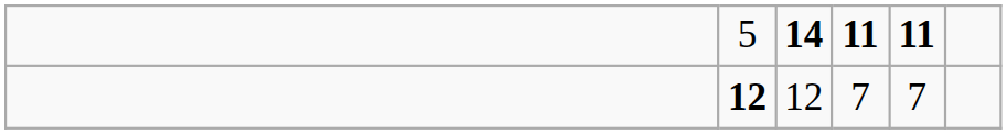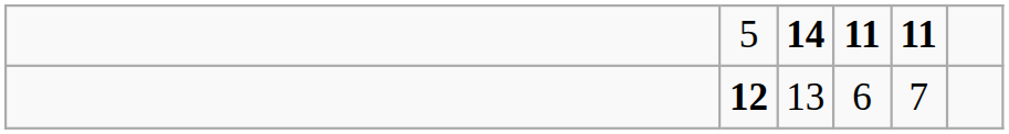 <table class="wikitable">
 <tr>
 <td style="width:18em"><strong></strong></td>
 <td align=center style="width:1em">5</td>
 <td align=center style="width:1em"><strong>14</strong></td>
 <td align=center style="width:1em"><strong>11</strong></td>
 <td align=center style="width:1em"><strong>11</strong></td>
 <td align=center style="width:1em"></td>
 </tr>
 <tr>
 <td style="width:18em"></td>
 <td align=center style="width:1em"><strong>12</strong></td>
-<td align=center style="width:1em">12</td>
-<td align=center style="width:1em">7</td>
+<td align=center style="width:1em">13</td>
+<td align=center style="width:1em">6</td>
 <td align=center style="width:1em">7</td>
 <td align=center style="width:1em"></td>
 </tr>
 </table>
